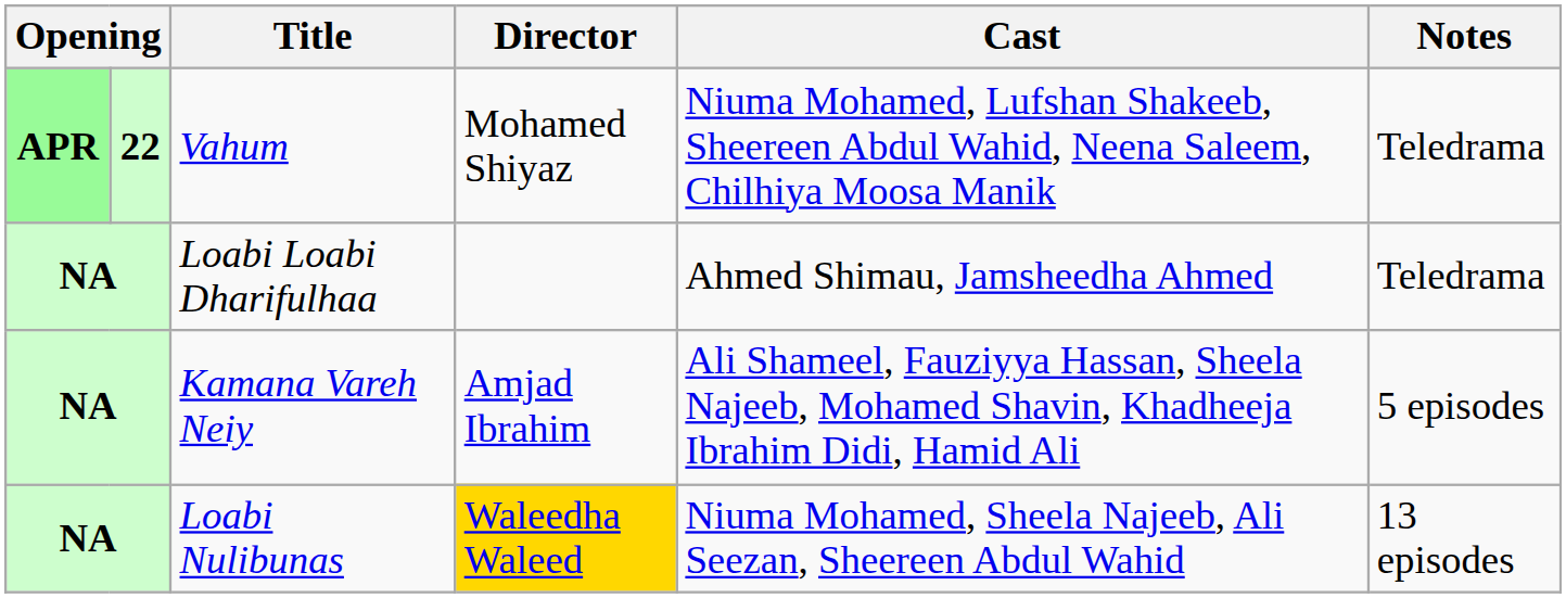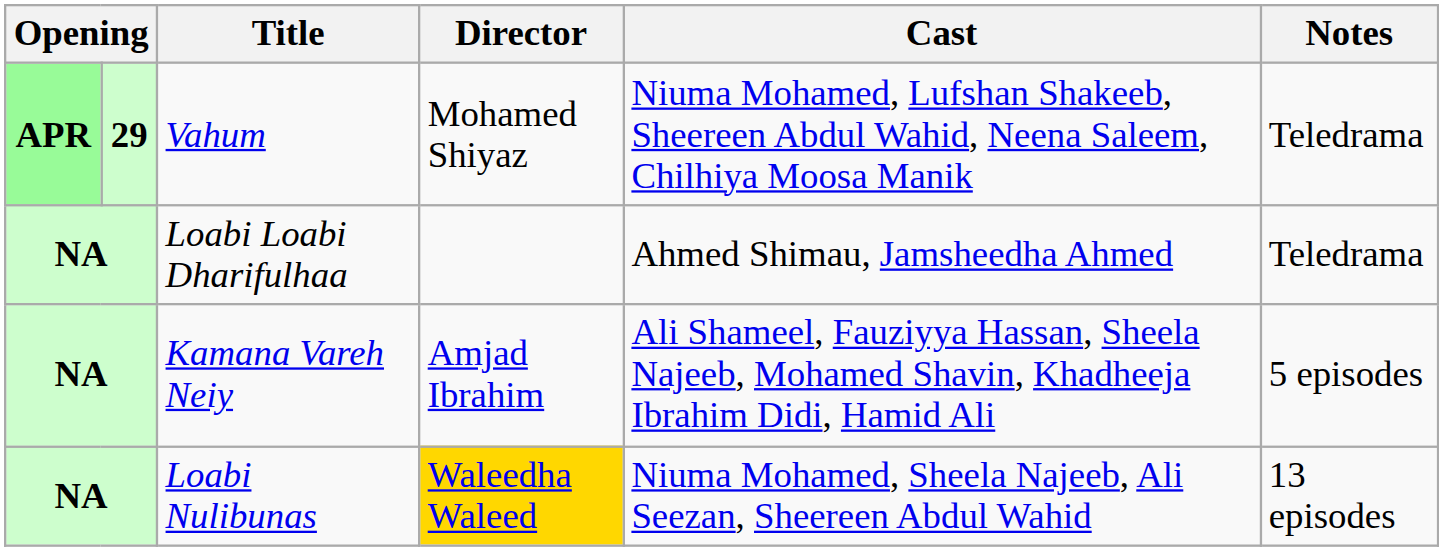 <table class="wikitable plainrowheaders" width="100%">
 <tr>
 <th scope="col" colspan="2">Opening</th>
 <th scope="col">Title</th>
 <th scope="col">Director</th>
 <th scope="col">Cast</th>
 <th scope="col">Notes</th>
 </tr>
 <tr>
 <td style="text-align:center; background:#98fb98; textcolor:#000;"><strong>APR</strong></td>
-<td style="text-align:center; textcolor:#000; background:#cdfecd;"><strong>22</strong></td>
+<td style="text-align:center; textcolor:#000; background:#cdfecd;"><strong>29</strong></td>
 <td><em><a href='#'>Vahum</a></em></td>
 <td>Mohamed Shiyaz</td>
 <td><a href='#'>Niuma Mohamed</a>, <a href='#'>Lufshan Shakeeb</a>, <a href='#'>Sheereen Abdul Wahid</a>, <a href='#'>Neena Saleem</a>, <a href='#'>Chilhiya Moosa Manik</a></td>
 <td>Teledrama</td>
 </tr>
 <tr>
 <td style="text-align:center; textcolor:#000; background:#cdfecd;" colspan="2"><strong>NA</strong></td>
 <td><em>Loabi Loabi Dharifulhaa</em></td>
 <td></td>
 <td>Ahmed Shimau, <a href='#'>Jamsheedha Ahmed</a></td>
 <td>Teledrama</td>
 </tr>
 <tr>
 <td style="text-align:center; textcolor:#000; background:#cdfecd;" colspan="2"><strong>NA</strong></td>
 <td><em><a href='#'>Kamana Vareh Neiy</a></em></td>
 <td><a href='#'>Amjad Ibrahim</a></td>
 <td><a href='#'>Ali Shameel</a>, <a href='#'>Fauziyya Hassan</a>, <a href='#'>Sheela Najeeb</a>, <a href='#'>Mohamed Shavin</a>, <a href='#'>Khadheeja Ibrahim Didi</a>, <a href='#'>Hamid Ali</a></td>
 <td>5 episodes</td>
 </tr>
 <tr>
 <td style="text-align:center; textcolor:#000; background:#cdfecd;" colspan="2"><strong>NA</strong></td>
 <td><em><a href='#'>Loabi Nulibunas</a></em></td>
 <td style="background: gold;"><a href='#'>Waleedha Waleed</a></td>
 <td><a href='#'>Niuma Mohamed</a>, <a href='#'>Sheela Najeeb</a>, <a href='#'>Ali Seezan</a>, <a href='#'>Sheereen Abdul Wahid</a></td>
 <td>13 episodes</td>
 </tr>
 </table>
